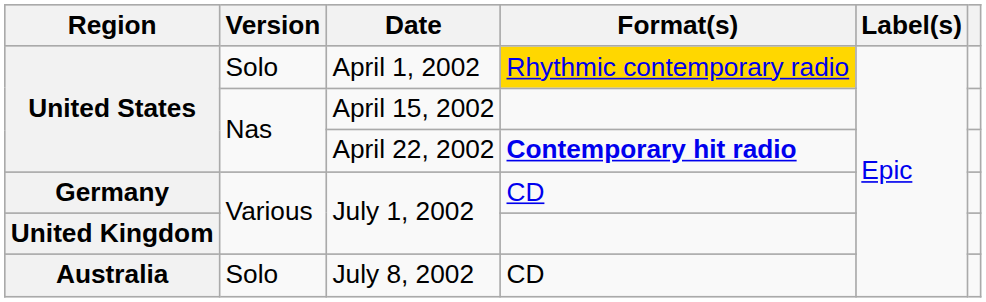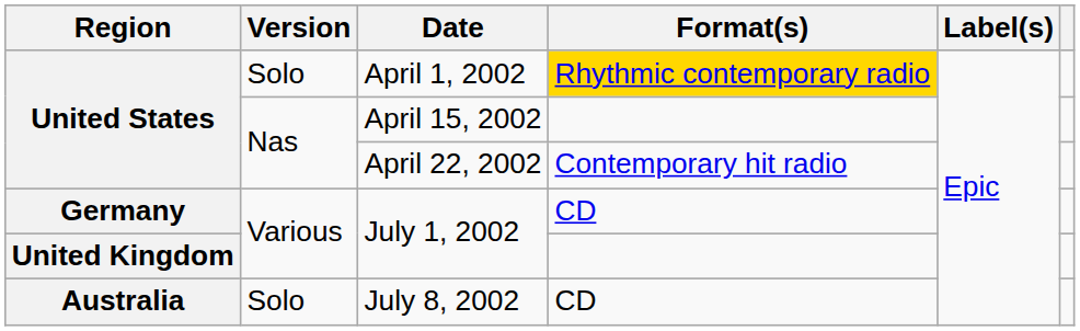 <table class="wikitable plainrowheaders">
 <tr>
 <th scope="col">Region</th>
 <th scope="col">Version</th>
 <th scope="col">Date</th>
 <th scope="col">Format(s)</th>
 <th scope="col">Label(s)</th>
 <th scope="col"></th>
 </tr>
 <tr>
 <th scope="row" rowspan="3">United States</th>
 <td>Solo</td>
 <td>April 1, 2002</td>
 <td style="background: gold;"><a href='#'>Rhythmic contemporary radio</a></td>
 <td rowspan="6"><a href='#'>Epic</a></td>
 <td></td>
 </tr>
 <tr>
 <td rowspan="2">Nas</td>
 <td>April 15, 2002</td>
 <td></td>
 <td></td>
 </tr>
 <tr>
 <td>April 22, 2002</td>
-<td><strong><a href='#'>Contemporary hit radio</a></strong></td>
+<td><a href='#'>Contemporary hit radio</a></td>
 <td></td>
 </tr>
 <tr>
 <th scope="row">Germany</th>
 <td rowspan="2">Various</td>
 <td rowspan="2">July 1, 2002</td>
 <td><a href='#'>CD</a></td>
 <td></td>
 </tr>
 <tr>
 <th scope="row">United Kingdom</th>
 <td></td>
 <td></td>
 </tr>
 <tr>
 <th scope="row">Australia</th>
 <td>Solo</td>
 <td>July 8, 2002</td>
 <td>CD</td>
 <td></td>
 </tr>
 </table>
